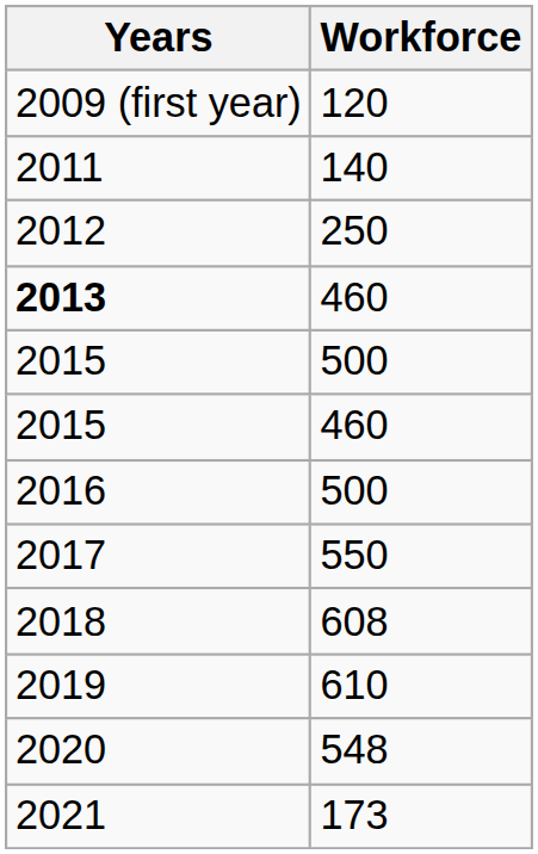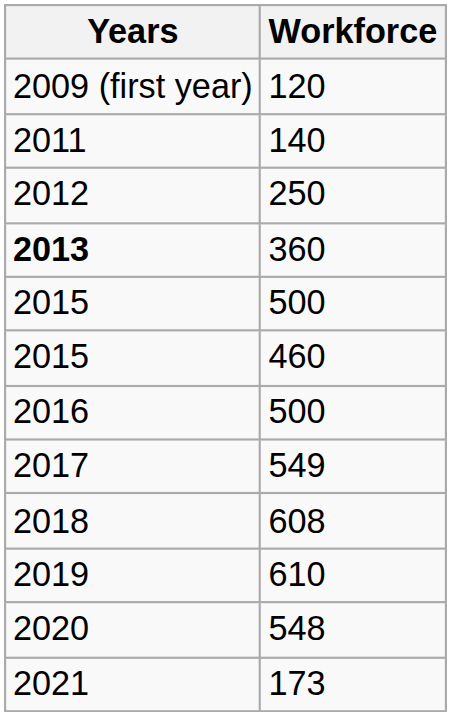 <table class="wikitable">
 <tr>
 <th>Years</th>
 <th>Workforce</th>
 </tr>
 <tr>
 <td>2009 (first year)</td>
 <td>120</td>
 </tr>
 <tr>
 <td>2011</td>
 <td>140</td>
 </tr>
 <tr>
 <td>2012</td>
 <td>250</td>
 </tr>
 <tr>
 <td><strong>2013</strong></td>
-<td>460</td>
+<td>360</td>
 </tr>
 <tr>
 <td>2015</td>
 <td>500</td>
 </tr>
 <tr>
 <td>2015</td>
 <td>460</td>
 </tr>
 <tr>
 <td>2016</td>
 <td>500</td>
 </tr>
 <tr>
 <td>2017</td>
-<td>550</td>
+<td>549</td>
 </tr>
 <tr>
 <td>2018</td>
 <td>608</td>
 </tr>
 <tr>
 <td>2019</td>
 <td>610</td>
 </tr>
 <tr>
 <td>2020</td>
 <td>548</td>
 </tr>
 <tr>
 <td>2021</td>
 <td>173</td>
 </tr>
 </table>
